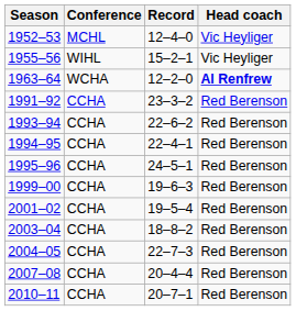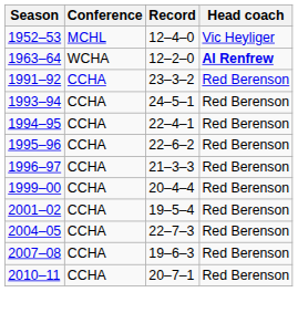 <table class="wikitable">
 <tr>
 <th>Season</th>
 <th>Conference</th>
 <th>Record</th>
 <th>Head coach</th>
 </tr>
 <tr>
 <td><a href='#'>1952–53</a></td>
 <td><a href='#'>MCHL</a></td>
 <td>12–4–0</td>
 <td><a href='#'>Vic Heyliger</a></td>
-</tr>
-<tr>
-<td><a href='#'>1955–56</a></td>
-<td>WIHL</td>
-<td>15–2–1</td>
-<td>Vic Heyliger</td>
 </tr>
 <tr>
 <td><a href='#'>1963–64</a></td>
 <td>WCHA</td>
 <td>12–2–0</td>
 <td><strong><a href='#'>Al Renfrew</a></strong></td>
 </tr>
 <tr>
 <td><a href='#'>1991–92</a></td>
 <td><a href='#'>CCHA</a></td>
 <td>23–3–2</td>
 <td><a href='#'>Red Berenson</a></td>
 </tr>
 <tr>
 <td><a href='#'>1993–94</a></td>
 <td>CCHA</td>
-<td>22–6–2</td>
+<td>24–5–1</td>
 <td>Red Berenson</td>
 </tr>
 <tr>
 <td><a href='#'>1994–95</a></td>
 <td>CCHA</td>
 <td>22–4–1</td>
 <td>Red Berenson</td>
 </tr>
 <tr>
 <td><a href='#'>1995–96</a></td>
 <td>CCHA</td>
-<td>24–5–1</td>
+<td>22–6–2</td>
+<td>Red Berenson</td>
+</tr>
+<tr>
+<td><a href='#'>1996–97</a></td>
+<td>CCHA</td>
+<td>21–3–3</td>
 <td>Red Berenson</td>
 </tr>
 <tr>
 <td><a href='#'>1999–00</a></td>
 <td>CCHA</td>
-<td>19–6–3</td>
+<td>20–4–4</td>
 <td>Red Berenson</td>
 </tr>
 <tr>
 <td><a href='#'>2001–02</a></td>
 <td>CCHA</td>
 <td>19–5–4</td>
-<td>Red Berenson</td>
-</tr>
-<tr>
-<td><a href='#'>2003–04</a></td>
-<td>CCHA</td>
-<td>18–8–2</td>
 <td>Red Berenson</td>
 </tr>
 <tr>
 <td><a href='#'>2004–05</a></td>
 <td>CCHA</td>
 <td>22–7–3</td>
 <td>Red Berenson</td>
 </tr>
 <tr>
 <td><a href='#'>2007–08</a></td>
 <td>CCHA</td>
-<td>20–4–4</td>
+<td>19–6–3</td>
 <td>Red Berenson</td>
 </tr>
 <tr>
 <td><a href='#'>2010–11</a></td>
 <td>CCHA</td>
 <td>20–7–1</td>
 <td>Red Berenson</td>
 </tr>
 </table>
